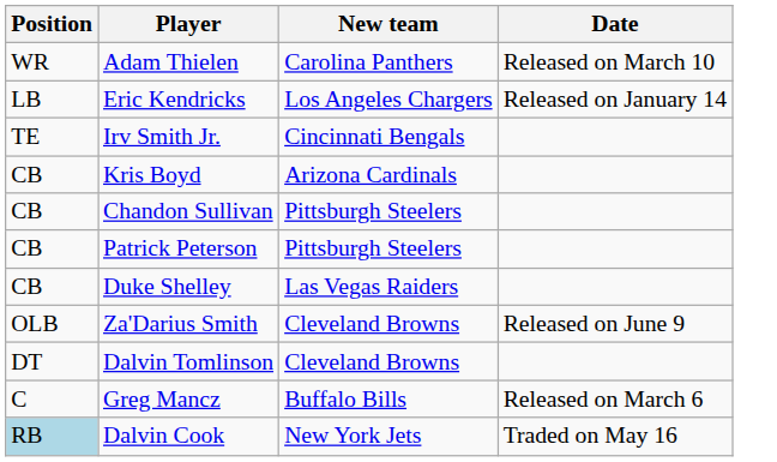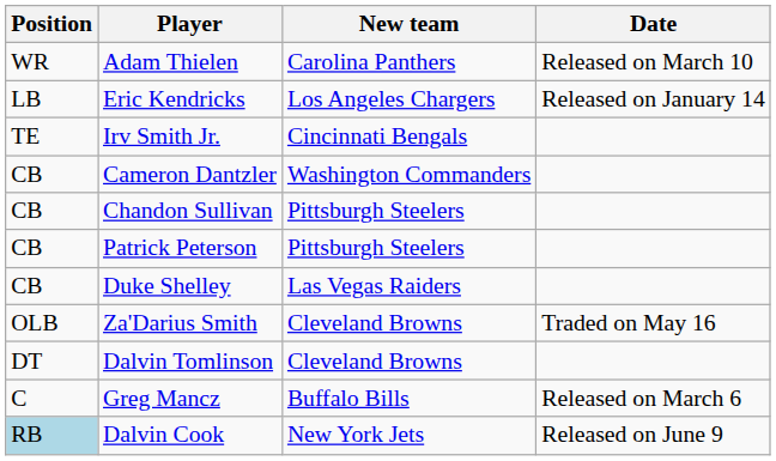 <table class="wikitable">
 <tr>
 <th>Position</th>
 <th>Player</th>
 <th>New team</th>
 <th>Date</th>
 </tr>
 <tr>
 <td>WR</td>
 <td><a href='#'>Adam Thielen</a></td>
 <td><a href='#'>Carolina Panthers</a></td>
 <td>Released on March 10</td>
 </tr>
 <tr>
 <td>LB</td>
 <td><a href='#'>Eric Kendricks</a></td>
 <td><a href='#'>Los Angeles Chargers</a></td>
 <td>Released on January 14</td>
 </tr>
 <tr>
 <td>TE</td>
 <td><a href='#'>Irv Smith Jr.</a></td>
 <td><a href='#'>Cincinnati Bengals</a></td>
 <td></td>
 </tr>
 <tr>
 <td>CB</td>
-<td><a href='#'>Kris Boyd</a></td>
-<td><a href='#'>Arizona Cardinals</a></td>
+<td><a href='#'>Cameron Dantzler</a></td>
+<td><a href='#'>Washington Commanders</a></td>
 <td></td>
 </tr>
 <tr>
 <td>CB</td>
 <td><a href='#'>Chandon Sullivan</a></td>
 <td><a href='#'>Pittsburgh Steelers</a></td>
 <td></td>
 </tr>
 <tr>
 <td>CB</td>
 <td><a href='#'>Patrick Peterson</a></td>
 <td><a href='#'>Pittsburgh Steelers</a></td>
 <td></td>
 </tr>
 <tr>
 <td>CB</td>
 <td><a href='#'>Duke Shelley</a></td>
 <td><a href='#'>Las Vegas Raiders</a></td>
 <td></td>
 </tr>
 <tr>
 <td>OLB</td>
 <td><a href='#'>Za'Darius Smith</a></td>
 <td><a href='#'>Cleveland Browns</a></td>
-<td>Released on June 9</td>
+<td>Traded on May 16</td>
 </tr>
 <tr>
 <td>DT</td>
 <td><a href='#'>Dalvin Tomlinson</a></td>
 <td><a href='#'>Cleveland Browns</a></td>
 <td></td>
 </tr>
 <tr>
 <td>C</td>
 <td><a href='#'>Greg Mancz</a></td>
 <td><a href='#'>Buffalo Bills</a></td>
 <td>Released on March 6</td>
 </tr>
 <tr>
 <td style="background: lightblue;">RB</td>
 <td><a href='#'>Dalvin Cook</a></td>
 <td><a href='#'>New York Jets</a></td>
-<td>Traded on May 16</td>
+<td>Released on June 9</td>
 </tr>
 </table>
